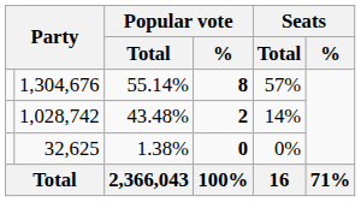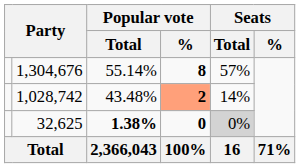 <table class=wikitable style="text-align:right;">
 <tr>
 <th rowspan=2 colspan=2>Party</th>
 <th colspan=2>Popular vote</th>
 <th colspan=2>Seats</th>
 </tr>
 <tr>
 <th>Total</th>
 <th>%</th>
 <th>Total</th>
 <th>%</th>
 </tr>
 <tr>
 <td></td>
 <td>1,304,676</td>
 <td>55.14%</td>
 <td><strong>8</strong></td>
 <td>57%</td>
 </tr>
 <tr>
 <td></td>
 <td>1,028,742</td>
 <td>43.48%</td>
-<td><strong>2</strong></td>
+<td style="background: lightsalmon;"><strong>2</strong></td>
 <td>14%</td>
 </tr>
 <tr>
 <td></td>
 <td>32,625</td>
-<td>1.38%</td>
+<td><strong>1.38%</strong></td>
 <td><strong>0</strong></td>
-<td>0%</td>
+<td style="background: lightgrey;">0%</td>
 </tr>
 <tr>
 <th colspan=2>Total</th>
 <th>2,366,043</th>
 <th>100%</th>
 <th>16</th>
 <th>71%</th>
 </tr>
 </table>
